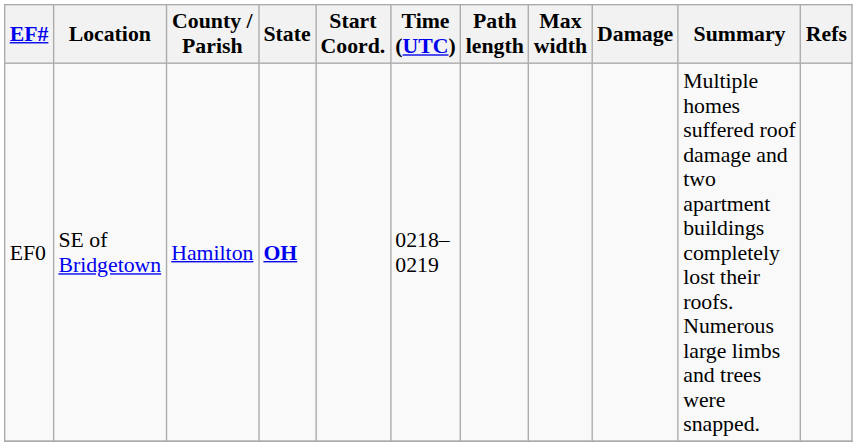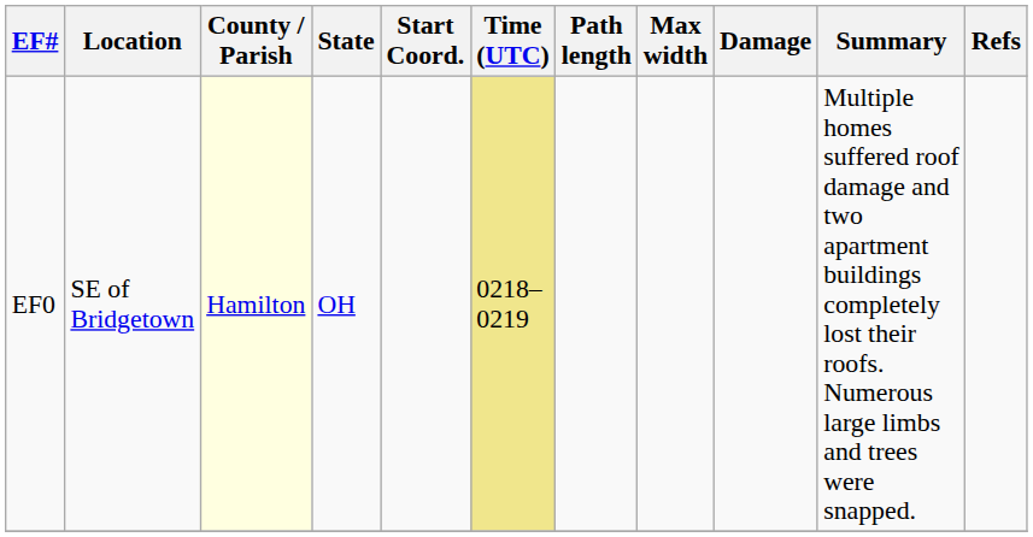 <table class="wikitable sortable" style="width:100%;">
 <tr>
 <th scope="col" width="3%" align="center"><a href='#'>EF#</a></th>
 <th scope="col" width="7%" align="center" class="unsortable">Location</th>
 <th scope="col" width="6%" align="center" class="unsortable">County / Parish</th>
 <th scope="col" width="5%" align="center">State</th>
 <th scope="col" width="6%" align="center">Start Coord.</th>
 <th scope="col" width="6%" align="center">Time (<a href='#'>UTC</a>)</th>
 <th scope="col" width="6%" align="center">Path length</th>
 <th scope="col" width="6%" align="center">Max width</th>
 <th scope="col" width="6%" align="center">Damage</th>
 <th scope="col" width="48%" class="unsortable" align="center">Summary</th>
 <th scope="col" width="48%" class="unsortable" align="center">Refs</th>
 </tr>
 <tr>
 <td>EF0</td>
 <td>SE of <a href='#'>Bridgetown</a></td>
-<td><a href='#'>Hamilton</a></td>
-<td><strong><a href='#'>OH</a></strong></td>
+<td style="background: lightyellow;"><a href='#'>Hamilton</a></td>
+<td><a href='#'>OH</a></td>
 <td></td>
-<td>0218–0219</td>
+<td style="background: khaki;">0218–0219</td>
 <td></td>
 <td></td>
 <td></td>
 <td>Multiple homes suffered roof damage and two apartment buildings completely lost their roofs. Numerous large limbs and trees were snapped.</td>
 <td></td>
 </tr>
 <tr>
 </tr>
 </table>
